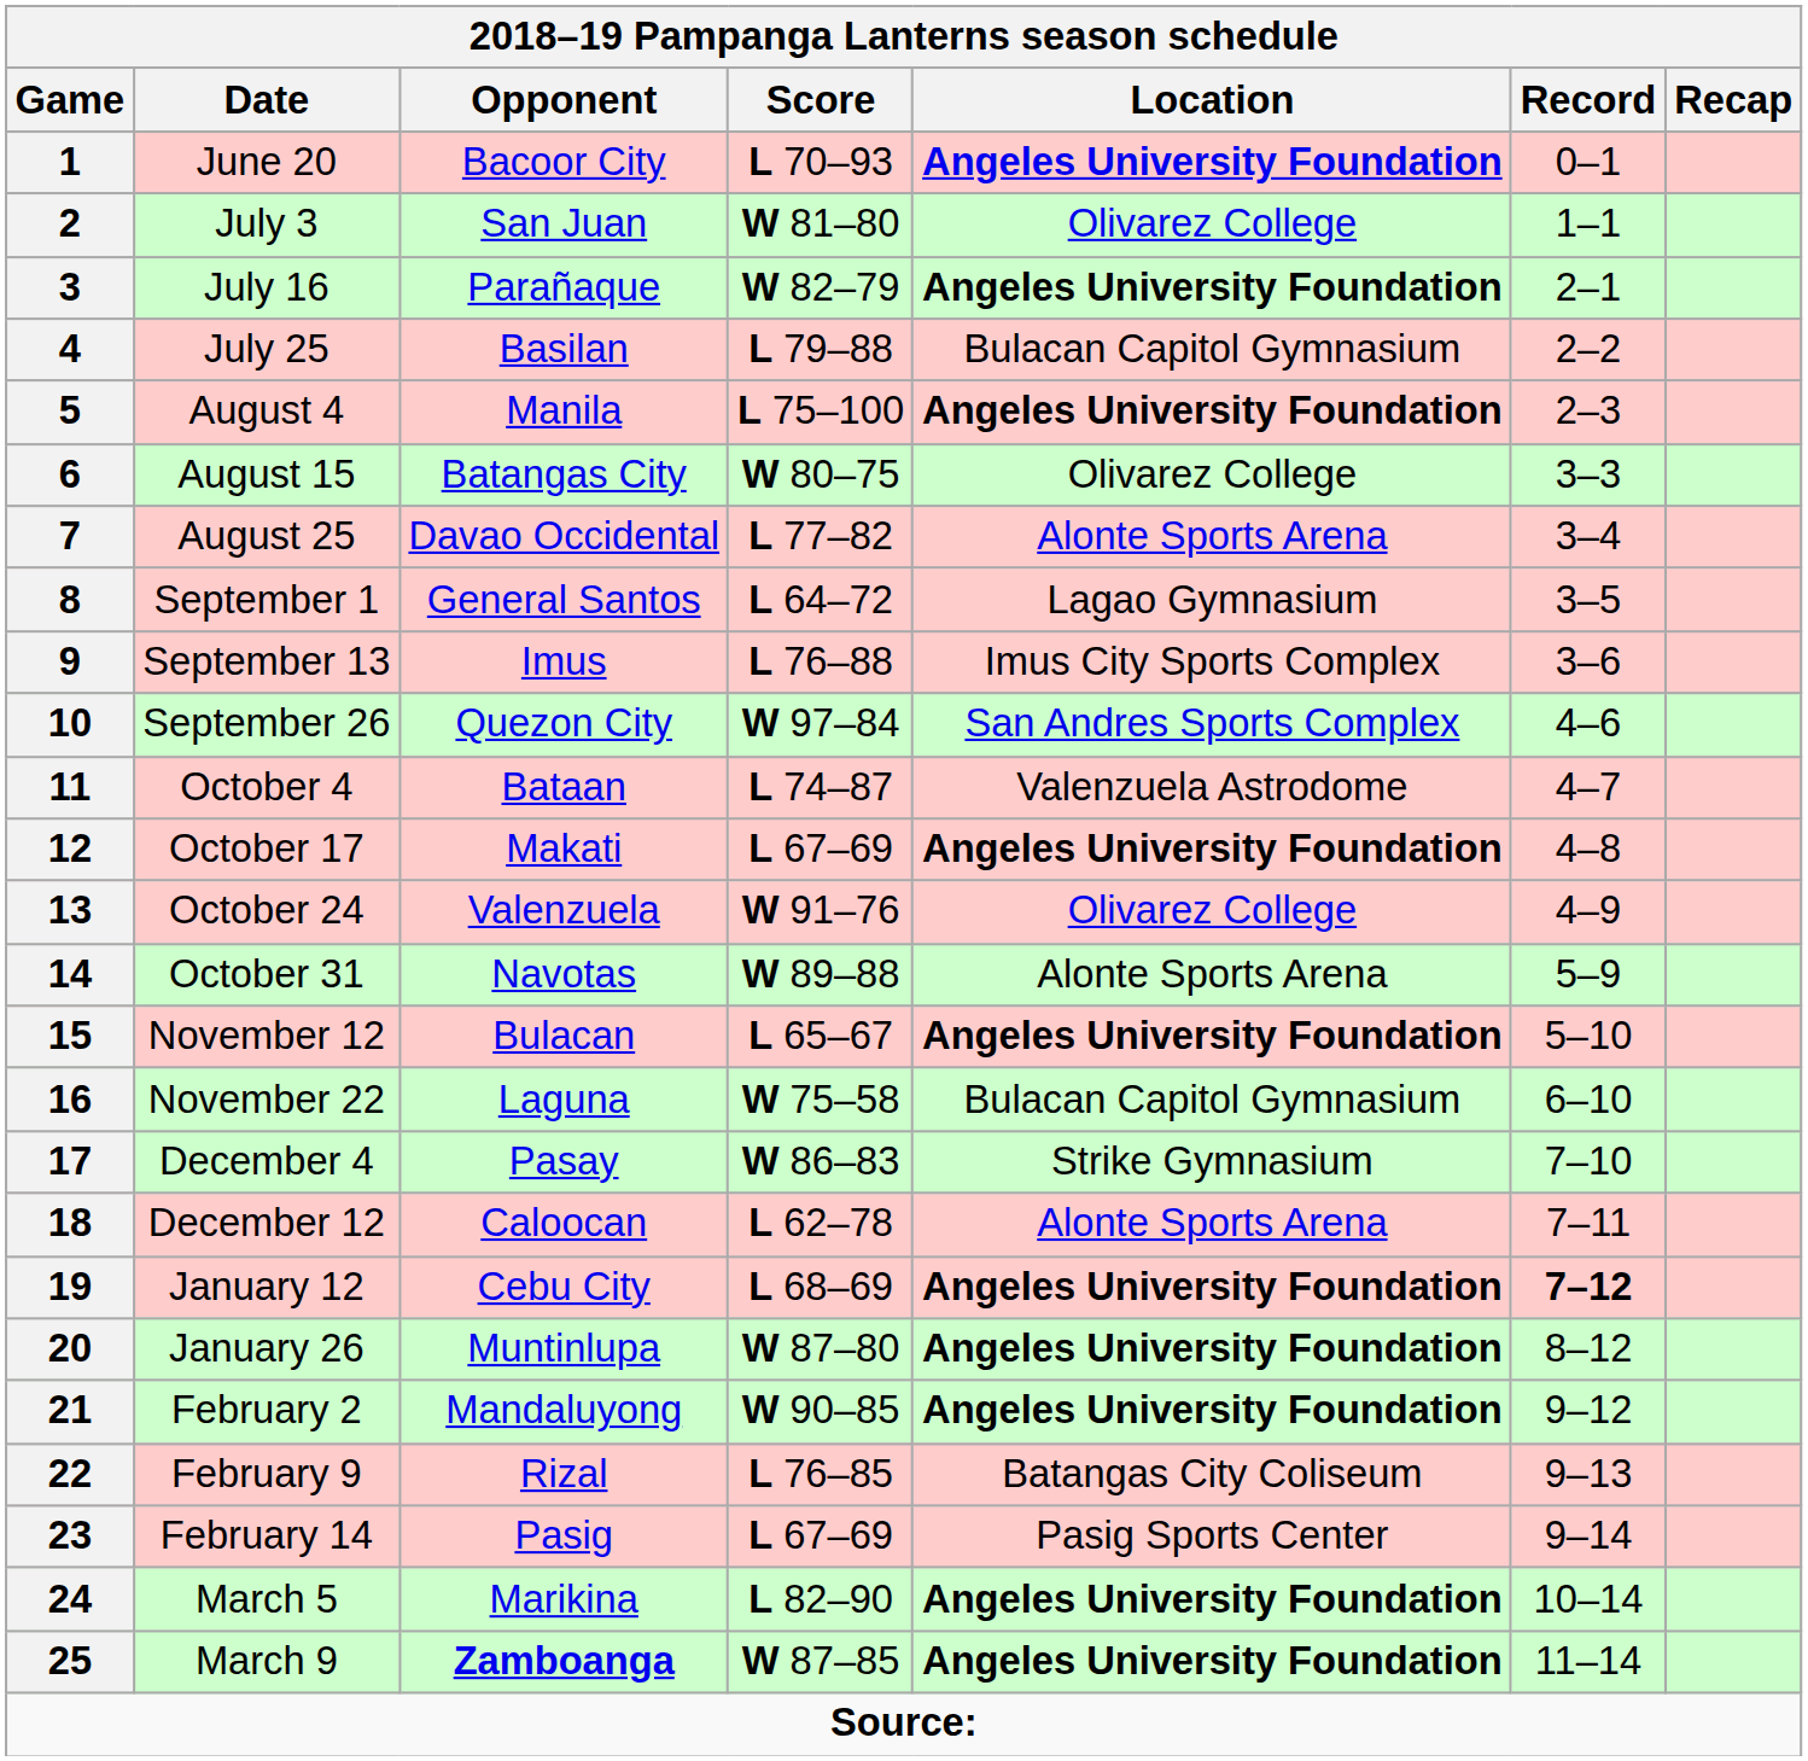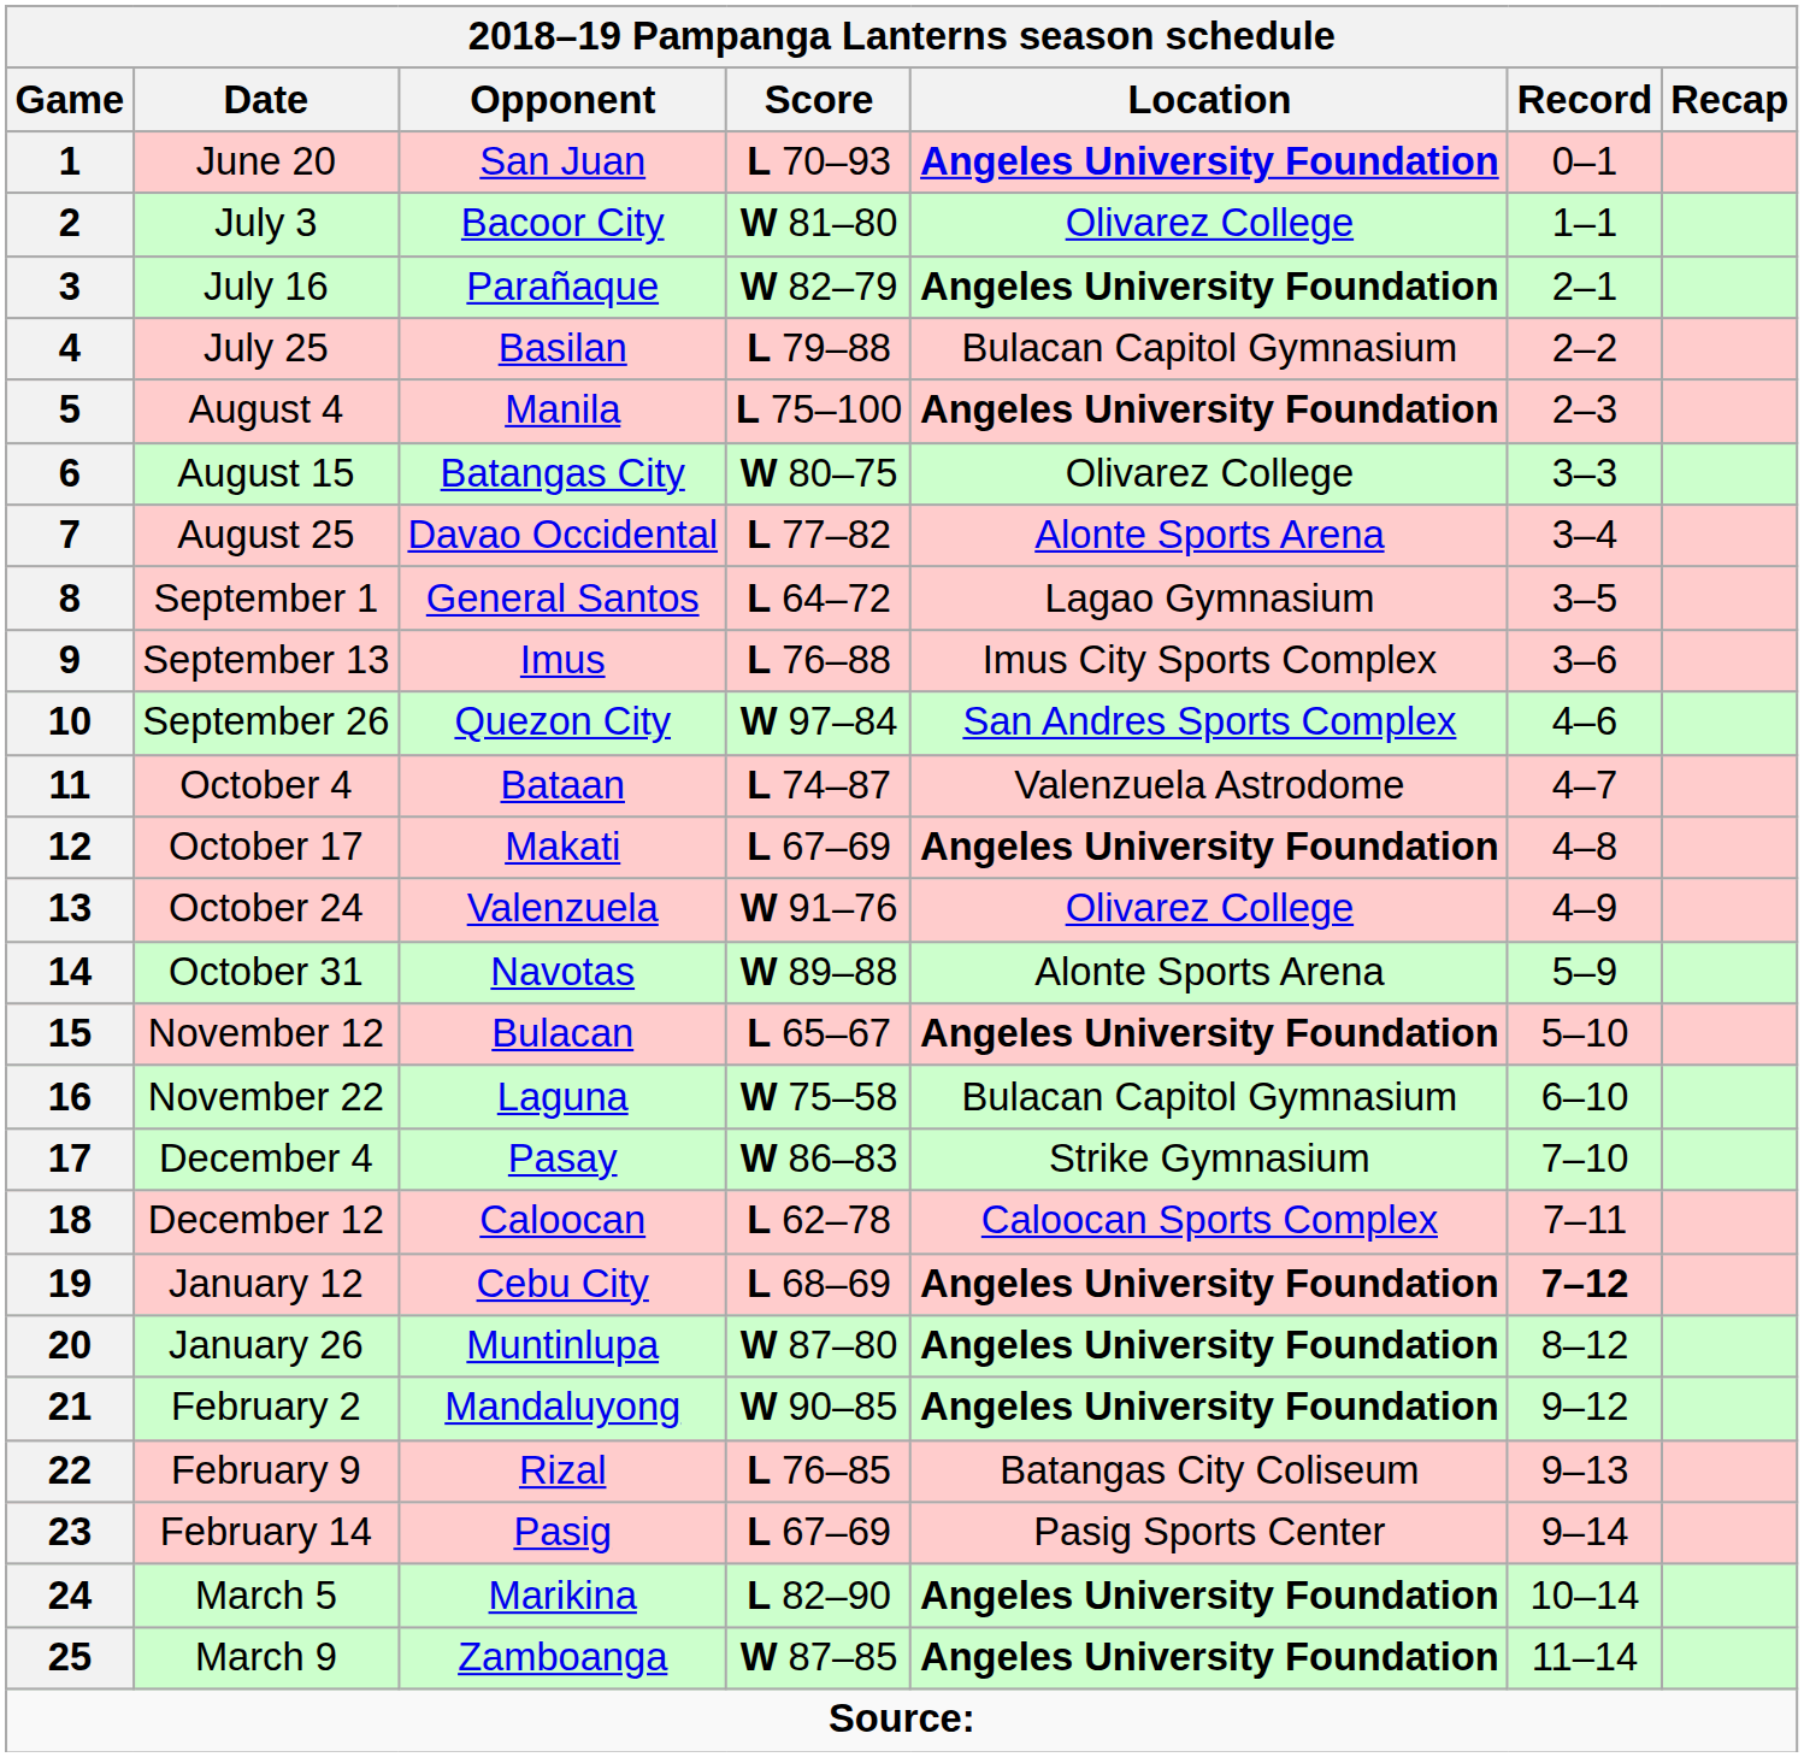 <table class="wikitable" style="text-align:center">
 <tr>
 <th colspan=7>2018–19 Pampanga Lanterns season schedule</th>
 </tr>
 <tr>
 <th>Game</th>
 <th>Date</th>
 <th>Opponent</th>
 <th>Score</th>
 <th>Location</th>
 <th>Record</th>
 <th>Recap<br></th>
 </tr>
 <tr style="background:#fcc">
 <th>1</th>
 <td>June 20</td>
-<td><a href='#'>Bacoor City</a></td>
+<td><a href='#'>San Juan</a></td>
 <td><strong>L</strong> 70–93</td>
 <td><strong><a href='#'>Angeles University Foundation</a></strong></td>
 <td>0–1</td>
 <td></td>
 </tr>
 <tr style="background:#cfc">
 <th>2</th>
 <td>July 3</td>
-<td><a href='#'>San Juan</a></td>
+<td><a href='#'>Bacoor City</a></td>
 <td><strong>W</strong> 81–80</td>
 <td><a href='#'>Olivarez College</a></td>
 <td>1–1</td>
 <td></td>
 </tr>
 <tr style="background:#cfc">
 <th>3</th>
 <td>July 16</td>
 <td><a href='#'>Parañaque</a></td>
 <td><strong>W</strong> 82–79</td>
 <td><strong>Angeles University Foundation</strong></td>
 <td>2–1</td>
 <td></td>
 </tr>
 <tr style="background:#fcc">
 <th>4</th>
 <td>July 25</td>
 <td><a href='#'>Basilan</a></td>
 <td><strong>L</strong> 79–88</td>
 <td>Bulacan Capitol Gymnasium</td>
 <td>2–2</td>
 <td></td>
 </tr>
 <tr style="background:#fcc">
 <th>5</th>
 <td>August 4</td>
 <td><a href='#'>Manila</a></td>
 <td><strong>L</strong> 75–100</td>
 <td><strong>Angeles University Foundation</strong></td>
 <td>2–3</td>
 <td></td>
 </tr>
 <tr style="background:#cfc">
 <th>6</th>
 <td>August 15</td>
 <td><a href='#'>Batangas City</a></td>
 <td><strong>W</strong> 80–75</td>
 <td>Olivarez College</td>
 <td>3–3</td>
 <td></td>
 </tr>
 <tr style="background:#fcc">
 <th>7</th>
 <td>August 25</td>
 <td><a href='#'>Davao Occidental</a></td>
 <td><strong>L</strong> 77–82</td>
 <td><a href='#'>Alonte Sports Arena</a></td>
 <td>3–4</td>
 <td></td>
 </tr>
 <tr style="background:#fcc">
 <th>8</th>
 <td>September 1</td>
 <td><a href='#'>General Santos</a></td>
 <td><strong>L</strong> 64–72</td>
 <td>Lagao Gymnasium</td>
 <td>3–5</td>
 <td></td>
 </tr>
 <tr style="background:#fcc">
 <th>9</th>
 <td>September 13</td>
 <td><a href='#'>Imus</a></td>
 <td><strong>L</strong> 76–88</td>
 <td>Imus City Sports Complex</td>
 <td>3–6</td>
 <td></td>
 </tr>
 <tr style="background:#cfc">
 <th>10</th>
 <td>September 26</td>
 <td><a href='#'>Quezon City</a></td>
 <td><strong>W</strong> 97–84</td>
 <td><a href='#'>San Andres Sports Complex</a></td>
 <td>4–6</td>
 <td><br></td>
 </tr>
 <tr style="background:#fcc">
 <th>11</th>
 <td>October 4</td>
 <td><a href='#'>Bataan</a></td>
 <td><strong>L</strong> 74–87</td>
 <td>Valenzuela Astrodome</td>
 <td>4–7</td>
 <td></td>
 </tr>
 <tr style="background:#fcc">
 <th>12</th>
 <td>October 17</td>
 <td><a href='#'>Makati</a></td>
 <td><strong>L</strong> 67–69</td>
 <td><strong>Angeles University Foundation</strong></td>
 <td>4–8</td>
 <td></td>
 </tr>
 <tr style="background:#fcc">
 <th>13</th>
 <td>October 24</td>
 <td><a href='#'>Valenzuela</a></td>
 <td><strong>W</strong> 91–76</td>
 <td><a href='#'>Olivarez College</a></td>
 <td>4–9</td>
 <td></td>
 </tr>
 <tr style="background:#cfc">
 <th>14</th>
 <td>October 31</td>
 <td><a href='#'>Navotas</a></td>
 <td><strong>W</strong> 89–88</td>
 <td>Alonte Sports Arena</td>
 <td>5–9</td>
 <td></td>
 </tr>
 <tr style="background:#fcc">
 <th>15</th>
 <td>November 12</td>
 <td><a href='#'>Bulacan</a></td>
 <td><strong>L</strong> 65–67</td>
 <td><strong>Angeles University Foundation</strong></td>
 <td>5–10</td>
 <td></td>
 </tr>
 <tr style="background:#cfc">
 <th>16</th>
 <td>November 22</td>
 <td><a href='#'>Laguna</a></td>
 <td><strong>W</strong> 75–58</td>
 <td>Bulacan Capitol Gymnasium</td>
 <td>6–10</td>
 <td></td>
 </tr>
 <tr style="background:#cfc">
 <th>17</th>
 <td>December 4</td>
 <td><a href='#'>Pasay</a></td>
 <td><strong>W</strong> 86–83</td>
 <td>Strike Gymnasium</td>
 <td>7–10</td>
 <td></td>
 </tr>
 <tr style="background:#fcc">
 <th>18</th>
 <td>December 12</td>
 <td><a href='#'>Caloocan</a></td>
 <td><strong>L</strong> 62–78</td>
-<td><a href='#'>Alonte Sports Arena</a></td>
+<td><a href='#'>Caloocan Sports Complex</a></td>
 <td>7–11</td>
 <td><br></td>
 </tr>
 <tr style="background:#fcc">
 <th>19</th>
 <td>January 12</td>
 <td><a href='#'>Cebu City</a></td>
 <td><strong>L</strong> 68–69</td>
 <td><strong>Angeles University Foundation</strong></td>
 <td><strong>7–12</strong></td>
 <td></td>
 </tr>
 <tr style="background:#cfc">
 <th>20</th>
 <td>January 26</td>
 <td><a href='#'>Muntinlupa</a></td>
 <td><strong>W</strong> 87–80</td>
 <td><strong>Angeles University Foundation</strong></td>
 <td>8–12</td>
 <td></td>
 </tr>
 <tr style="background:#cfc">
 <th>21</th>
 <td>February 2</td>
 <td><a href='#'>Mandaluyong</a></td>
 <td><strong>W</strong> 90–85</td>
 <td><strong>Angeles University Foundation</strong></td>
 <td>9–12</td>
 <td></td>
 </tr>
 <tr style="background:#fcc">
 <th>22</th>
 <td>February 9</td>
 <td><a href='#'>Rizal</a></td>
 <td><strong>L</strong> 76–85</td>
 <td>Batangas City Coliseum</td>
 <td>9–13</td>
 <td></td>
 </tr>
 <tr style="background:#fcc">
 <th>23</th>
 <td>February 14</td>
 <td><a href='#'>Pasig</a></td>
 <td><strong>L</strong> 67–69</td>
 <td>Pasig Sports Center</td>
 <td>9–14</td>
 <td></td>
 </tr>
 <tr style="background:#cfc">
 <th>24</th>
 <td>March 5</td>
 <td><a href='#'>Marikina</a></td>
 <td><strong>L</strong> 82–90</td>
 <td><strong>Angeles University Foundation</strong></td>
 <td>10–14</td>
 <td></td>
 </tr>
 <tr style="background:#cfc">
 <th>25</th>
 <td>March 9</td>
-<td><strong><a href='#'>Zamboanga</a></strong></td>
+<td><a href='#'>Zamboanga</a></td>
 <td><strong>W</strong> 87–85</td>
 <td><strong>Angeles University Foundation</strong></td>
 <td>11–14</td>
 <td></td>
 </tr>
 <tr>
 <td colspan=7 align=center><strong>Source: </strong></td>
 </tr>
 </table>
